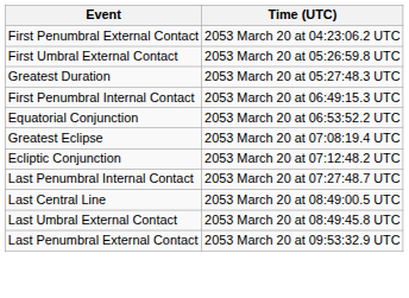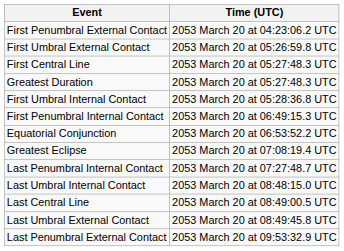 <table class="wikitable">
 <tr>
 <th>Event</th>
 <th>Time (UTC)</th>
 </tr>
 <tr>
 <td>First Penumbral External Contact</td>
 <td>2053 March 20 at 04:23:06.2 UTC</td>
 </tr>
 <tr>
 <td>First Umbral External Contact</td>
 <td>2053 March 20 at 05:26:59.8 UTC</td>
 </tr>
 <tr>
+<td>First Central Line</td>
+<td>2053 March 20 at 05:27:48.3 UTC</td>
+</tr>
+<tr>
 <td>Greatest Duration</td>
 <td>2053 March 20 at 05:27:48.3 UTC</td>
+</tr>
+<tr>
+<td>First Umbral Internal Contact</td>
+<td>2053 March 20 at 05:28:36.8 UTC</td>
 </tr>
 <tr>
 <td>First Penumbral Internal Contact</td>
 <td>2053 March 20 at 06:49:15.3 UTC</td>
 </tr>
 <tr>
 <td>Equatorial Conjunction</td>
 <td>2053 March 20 at 06:53:52.2 UTC</td>
 </tr>
 <tr>
 <td>Greatest Eclipse</td>
 <td>2053 March 20 at 07:08:19.4 UTC</td>
 </tr>
 <tr>
-<td>Ecliptic Conjunction</td>
-<td>2053 March 20 at 07:12:48.2 UTC</td>
+<td>Last Penumbral Internal Contact</td>
+<td>2053 March 20 at 07:27:48.7 UTC</td>
 </tr>
 <tr>
-<td>Last Penumbral Internal Contact</td>
-<td>2053 March 20 at 07:27:48.7 UTC</td>
+<td>Last Umbral Internal Contact</td>
+<td>2053 March 20 at 08:48:15.0 UTC</td>
 </tr>
 <tr>
 <td>Last Central Line</td>
 <td>2053 March 20 at 08:49:00.5 UTC</td>
 </tr>
 <tr>
 <td>Last Umbral External Contact</td>
 <td>2053 March 20 at 08:49:45.8 UTC</td>
 </tr>
 <tr>
 <td>Last Penumbral External Contact</td>
 <td>2053 March 20 at 09:53:32.9 UTC</td>
 </tr>
 </table>
